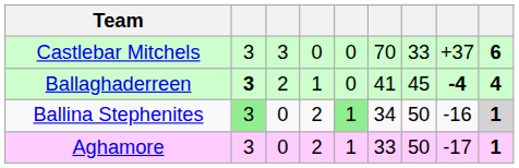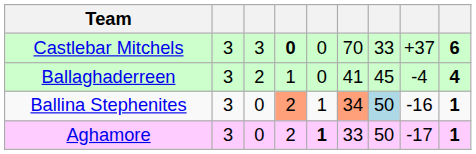 <table class="wikitable" style="text-align:center">
 <tr>
 <th style="width:175px;">Team</th>
 <th width="20"></th>
 <th width="20"></th>
 <th width="20"></th>
 <th width="20"></th>
 <th width="20"></th>
 <th width="20"></th>
 <th width="20"></th>
 <th width="20"></th>
 </tr>
 <tr style="background:#cfc;">
 <td><a href='#'>Castlebar Mitchels</a></td>
 <td>3</td>
 <td>3</td>
-<td>0</td>
+<td><strong>0</strong></td>
 <td>0</td>
 <td>70</td>
 <td>33</td>
 <td>+37</td>
 <td><strong>6</strong></td>
 </tr>
 <tr style="background:#cfc;">
 <td><a href='#'>Ballaghaderreen</a></td>
-<td><strong>3</strong></td>
+<td>3</td>
 <td>2</td>
 <td>1</td>
 <td>0</td>
 <td>41</td>
 <td>45</td>
-<td><strong>-4</strong></td>
+<td>-4</td>
 <td><strong>4</strong></td>
 </tr>
 <tr>
 <td><a href='#'>Ballina Stephenites</a></td>
-<td style="background: lightgreen;">3</td>
+<td>3</td>
 <td>0</td>
-<td>2</td>
-<td style="background: lightgreen;">1</td>
-<td>34</td>
-<td>50</td>
+<td style="background: lightsalmon;">2</td>
+<td>1</td>
+<td style="background: lightsalmon;">34</td>
+<td style="background: lightblue;">50</td>
 <td>-16</td>
-<td style="background: lightgrey;"><strong>1</strong></td>
+<td><strong>1</strong></td>
 </tr>
 <tr style="background:#fcf;">
 <td><a href='#'>Aghamore</a></td>
 <td>3</td>
 <td>0</td>
 <td>2</td>
-<td>1</td>
+<td><strong>1</strong></td>
 <td>33</td>
 <td>50</td>
 <td>-17</td>
 <td><strong>1</strong></td>
 </tr>
 </table>
